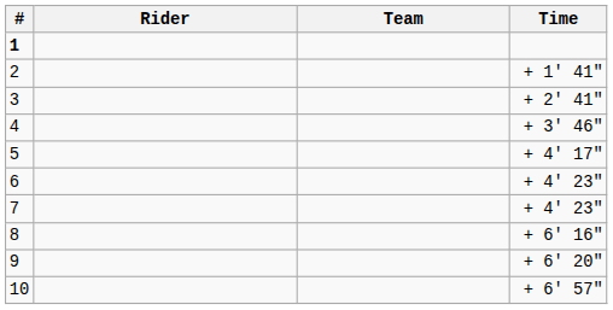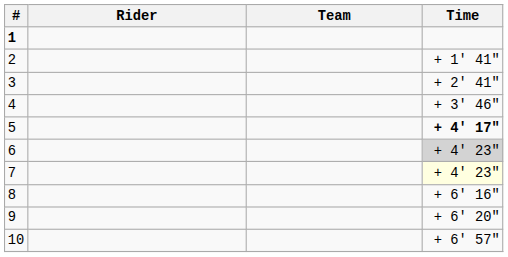 <table class="wikitable">
 <tr>
 <th>#</th>
 <th width="200">Rider</th>
 <th width="160">Team</th>
 <th width="70">Time</th>
 </tr>
 <tr>
 <td><strong>1</strong></td>
 <td></td>
 <td><strong></strong></td>
 <td align="right"></td>
 </tr>
 <tr>
 <td>2</td>
 <td> </td>
 <td></td>
 <td align="right">+ 1' 41"</td>
 </tr>
 <tr>
 <td>3</td>
 <td></td>
 <td></td>
 <td align="right">+ 2' 41"</td>
 </tr>
 <tr>
 <td>4</td>
 <td></td>
 <td></td>
 <td align="right">+ 3' 46"</td>
 </tr>
 <tr>
 <td>5</td>
 <td></td>
 <td></td>
-<td align="right">+ 4' 17"</td>
+<td align="right"><strong>+ 4' 17"</strong></td>
 </tr>
 <tr>
 <td>6</td>
 <td></td>
 <td></td>
-<td align="right">+ 4' 23"</td>
+<td align="right" style="background: lightgrey;">+ 4' 23"</td>
 </tr>
 <tr>
 <td>7</td>
 <td></td>
 <td></td>
-<td align="right">+ 4' 23"</td>
+<td align="right" style="background: lightyellow;">+ 4' 23"</td>
 </tr>
 <tr>
 <td>8</td>
 <td></td>
 <td></td>
 <td align="right">+ 6' 16"</td>
 </tr>
 <tr>
 <td>9</td>
 <td></td>
 <td></td>
 <td align="right">+ 6' 20"</td>
 </tr>
 <tr>
 <td>10</td>
 <td></td>
 <td></td>
 <td align="right">+ 6' 57"</td>
 </tr>
 <tr>
 </tr>
 </table>
